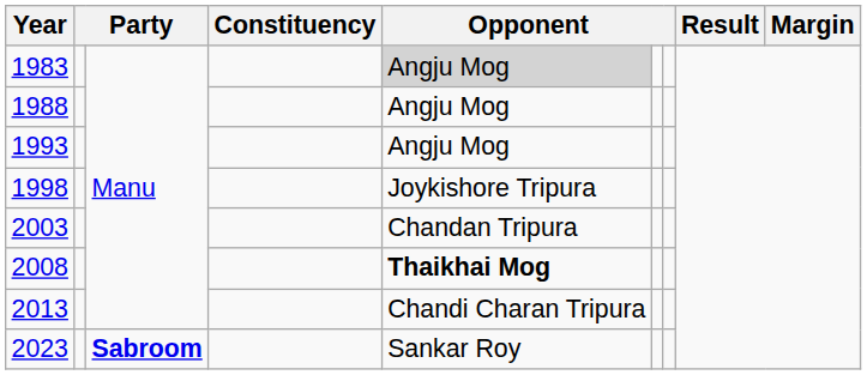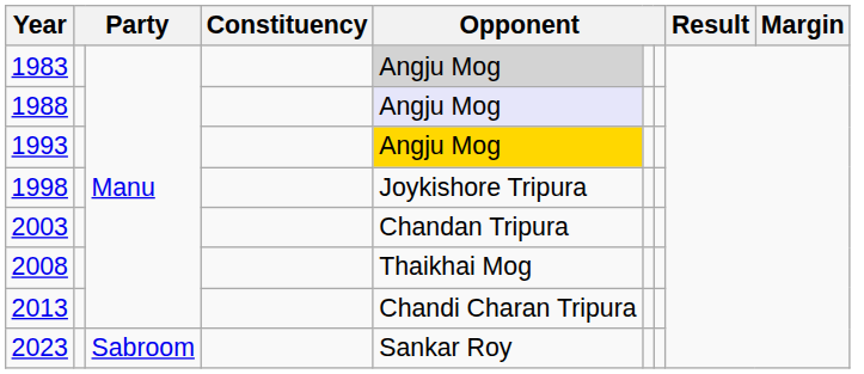 <table class="sortable wikitable">
 <tr>
 <th>Year</th>
 <th colspan = "2">Party</th>
 <th>Constituency</th>
 <th colspan = "3">Opponent</th>
 <th>Result</th>
 <th>Margin</th>
 </tr>
 <tr>
 <td><a href='#'>1983</a></td>
 <td></td>
 <td rowspan = "7"><a href='#'>Manu</a></td>
 <td></td>
 <td style="background: lightgrey;">Angju Mog</td>
 <td></td>
 <td></td>
 </tr>
 <tr>
 <td><a href='#'>1988</a></td>
 <td></td>
 <td></td>
-<td>Angju Mog</td>
+<td style="background: lavender;">Angju Mog</td>
 <td></td>
 <td></td>
 </tr>
 <tr>
 <td><a href='#'>1993</a></td>
 <td></td>
 <td></td>
-<td>Angju Mog</td>
+<td style="background: gold;">Angju Mog</td>
 <td></td>
 <td></td>
 </tr>
 <tr>
 <td><a href='#'>1998</a></td>
 <td></td>
 <td></td>
 <td>Joykishore Tripura</td>
 <td></td>
 <td></td>
 </tr>
 <tr>
 <td><a href='#'>2003</a></td>
 <td></td>
 <td></td>
 <td>Chandan Tripura</td>
 <td></td>
 <td></td>
 </tr>
 <tr>
 <td><a href='#'>2008</a></td>
 <td></td>
 <td></td>
-<td><strong>Thaikhai Mog</strong></td>
+<td>Thaikhai Mog</td>
 <td></td>
 <td></td>
 </tr>
 <tr>
 <td><a href='#'>2013</a></td>
 <td></td>
 <td></td>
 <td>Chandi Charan Tripura</td>
 <td></td>
 <td></td>
 </tr>
 <tr>
 <td><a href='#'>2023</a></td>
 <td></td>
-<td><strong><a href='#'>Sabroom</a></strong></td>
+<td><a href='#'>Sabroom</a></td>
 <td></td>
 <td>Sankar Roy</td>
 <td></td>
 <td></td>
 </tr>
 </table>
